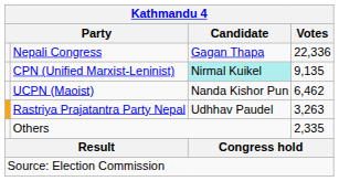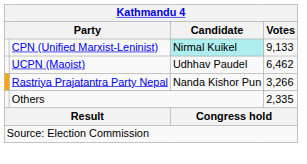 <table class="wikitable">
 <tr>
 <th colspan="4"><a href='#'>Kathmandu 4</a></th>
 </tr>
 <tr>
 <th colspan="2">Party</th>
 <th>Candidate</th>
 <th>Votes</th>
 </tr>
 <tr>
 <td style="background-color:"></td>
-<td><a href='#'>Nepali Congress</a></td>
-<td><a href='#'>Gagan Thapa</a></td>
-<td>22,336</td>
-</tr>
-<tr>
-<td style="background-color:"></td>
 <td><a href='#'>CPN (Unified Marxist-Leninist)</a></td>
 <td style="background: paleturquoise;">Nirmal Kuikel</td>
-<td>9,135</td>
+<td>9,133</td>
 </tr>
 <tr>
 <td style="background-color:"></td>
 <td><a href='#'>UCPN (Maoist)</a></td>
-<td>Nanda Kishor Pun</td>
+<td>Udhhav Paudel</td>
 <td>6,462</td>
 </tr>
 <tr>
 <td style="background-color:orange"></td>
 <td><a href='#'>Rastriya Prajatantra Party Nepal</a></td>
-<td>Udhhav Paudel</td>
-<td>3,263</td>
+<td>Nanda Kishor Pun</td>
+<td>3,266</td>
 </tr>
 <tr>
 <td></td>
 <td colspan="2">Others</td>
 <td>2,335</td>
 </tr>
 <tr>
 <th colspan="2">Result</th>
 <th colspan="2">Congress hold</th>
 </tr>
 <tr>
 <td colspan="4">Source: Election Commission</td>
 </tr>
 </table>
